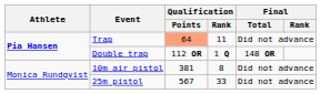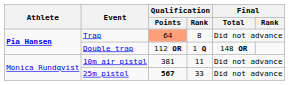 <table class="wikitable" style="font-size:90%">
 <tr>
 <th rowspan="2">Athlete</th>
 <th rowspan="2">Event</th>
 <th colspan=2>Qualification</th>
 <th colspan=2>Final</th>
 </tr>
 <tr style="font-size:95%">
 <th>Points</th>
 <th>Rank</th>
 <th>Total</th>
 <th>Rank</th>
 </tr>
 <tr>
 <td align=left rowspan=2><strong><a href='#'>Pia Hansen</a></strong></td>
 <td align=left><a href='#'>Trap</a></td>
 <td align=center style="background: lightsalmon;">64</td>
-<td align=center>11</td>
+<td align=center>8</td>
 <td align=center colspan=2>Did not advance</td>
 </tr>
 <tr>
 <td align=left><a href='#'>Double trap</a></td>
 <td align=center>112 <strong>OR</strong></td>
 <td align=center>1 <strong>Q</strong></td>
 <td align=center>148 <strong>OR</strong></td>
 <td align=center></td>
 </tr>
 <tr>
 <td align=left rowspan=2><a href='#'>Monica Rundqvist</a></td>
 <td align=left><a href='#'>10m air pistol</a></td>
 <td align=center>381</td>
-<td align=center>8</td>
+<td align=center>11</td>
 <td align=center colspan=2>Did not advance</td>
 </tr>
 <tr>
 <td align=left><a href='#'>25m pistol</a></td>
-<td align=center>567</td>
+<td align=center><strong>567</strong></td>
 <td align=center>33</td>
 <td align=center colspan=2>Did not advance</td>
 </tr>
 </table>
